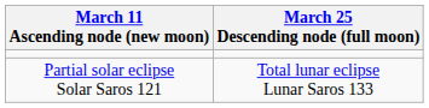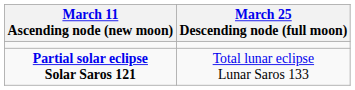 <table class="wikitable">
 <tr>
 <th><a href='#'>March 11</a><br>Ascending node (new moon)<br></th>
 <th><a href='#'>March 25</a><br>Descending node (full moon)<br></th>
 </tr>
 <tr>
 <td></td>
 <td></td>
 </tr>
 <tr align=center>
-<td><a href='#'>Partial solar eclipse</a><br>Solar Saros 121</td>
+<td><strong><a href='#'>Partial solar eclipse</a><br>Solar Saros 121</strong></td>
 <td><a href='#'>Total lunar eclipse</a><br>Lunar Saros 133</td>
 </tr>
 </table>
